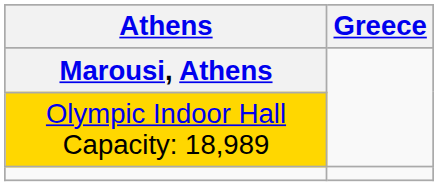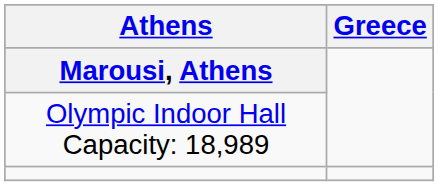 <table class="wikitable" style="text-align:center;">
 <tr>
 <th><a href='#'>Athens</a></th>
 <th><a href='#'>Greece</a></th>
 </tr>
 <tr>
 <th width=180><a href='#'>Marousi</a>, <a href='#'>Athens</a></th>
 <td rowspan=2></td>
 </tr>
 <tr>
-<td style="background: gold;"><a href='#'>Olympic Indoor Hall</a><br>Capacity: 18,989</td>
+<td><a href='#'>Olympic Indoor Hall</a><br>Capacity: 18,989</td>
 </tr>
 <tr>
 <td></td>
 </tr>
 </table>
